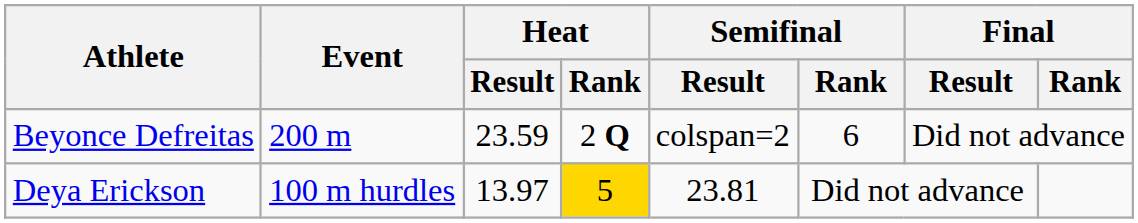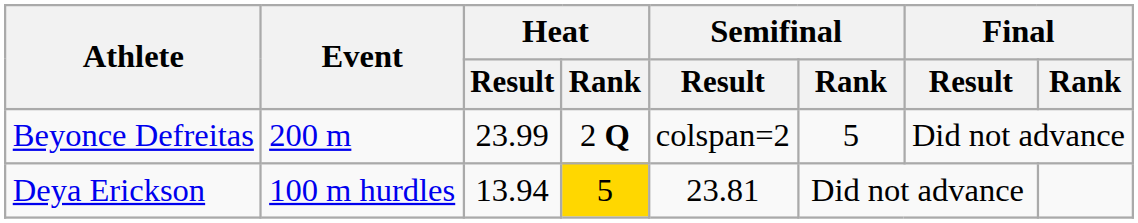 <table class="wikitable" style="font-size:90%; text-align:center">
 <tr>
 <th rowspan=2>Athlete</th>
 <th rowspan=2>Event</th>
 <th colspan=2>Heat</th>
 <th colspan=2>Semifinal</th>
 <th colspan=2>Final</th>
 </tr>
 <tr style="font-size:95%">
 <th>Result</th>
 <th>Rank</th>
 <th>Result</th>
 <th>Rank</th>
 <th>Result</th>
 <th>Rank</th>
 </tr>
 <tr>
 <td align=left><a href='#'>Beyonce Defreitas</a></td>
 <td align=left><a href='#'>200 m</a></td>
-<td>23.59</td>
+<td>23.99</td>
 <td>2 <strong>Q</strong></td>
 <td>colspan=2 </td>
-<td>6</td>
+<td>5</td>
 <td colspan=2>Did not advance</td>
 </tr>
 <tr>
 <td align=left><a href='#'>Deya Erickson</a></td>
 <td align=left><a href='#'>100 m hurdles</a></td>
-<td>13.97</td>
+<td>13.94</td>
 <td style="background: gold;">5</td>
 <td>23.81</td>
 <td colspan=2>Did not advance</td>
 </tr>
 </table>
